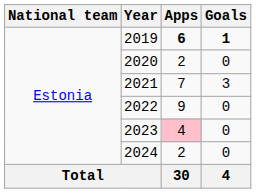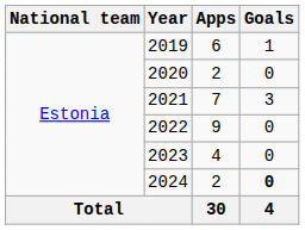 <table class="wikitable" style="text-align:center">
 <tr>
 <th>National team</th>
 <th>Year</th>
 <th>Apps</th>
 <th>Goals</th>
 </tr>
 <tr>
 <td rowspan="6"><a href='#'>Estonia</a></td>
 <td>2019</td>
-<td><strong>6</strong></td>
-<td><strong>1</strong></td>
+<td>6</td>
+<td>1</td>
 </tr>
 <tr>
 <td>2020</td>
 <td>2</td>
 <td>0</td>
 </tr>
 <tr>
 <td>2021</td>
 <td>7</td>
 <td>3</td>
 </tr>
 <tr>
 <td>2022</td>
 <td>9</td>
 <td>0</td>
 </tr>
 <tr>
 <td>2023</td>
-<td style="background: pink;">4</td>
+<td>4</td>
 <td>0</td>
 </tr>
 <tr>
 <td>2024</td>
 <td>2</td>
-<td>0</td>
+<td><strong>0</strong></td>
 </tr>
 <tr>
 <th colspan="2">Total</th>
 <th>30</th>
 <th>4</th>
 </tr>
 </table>
